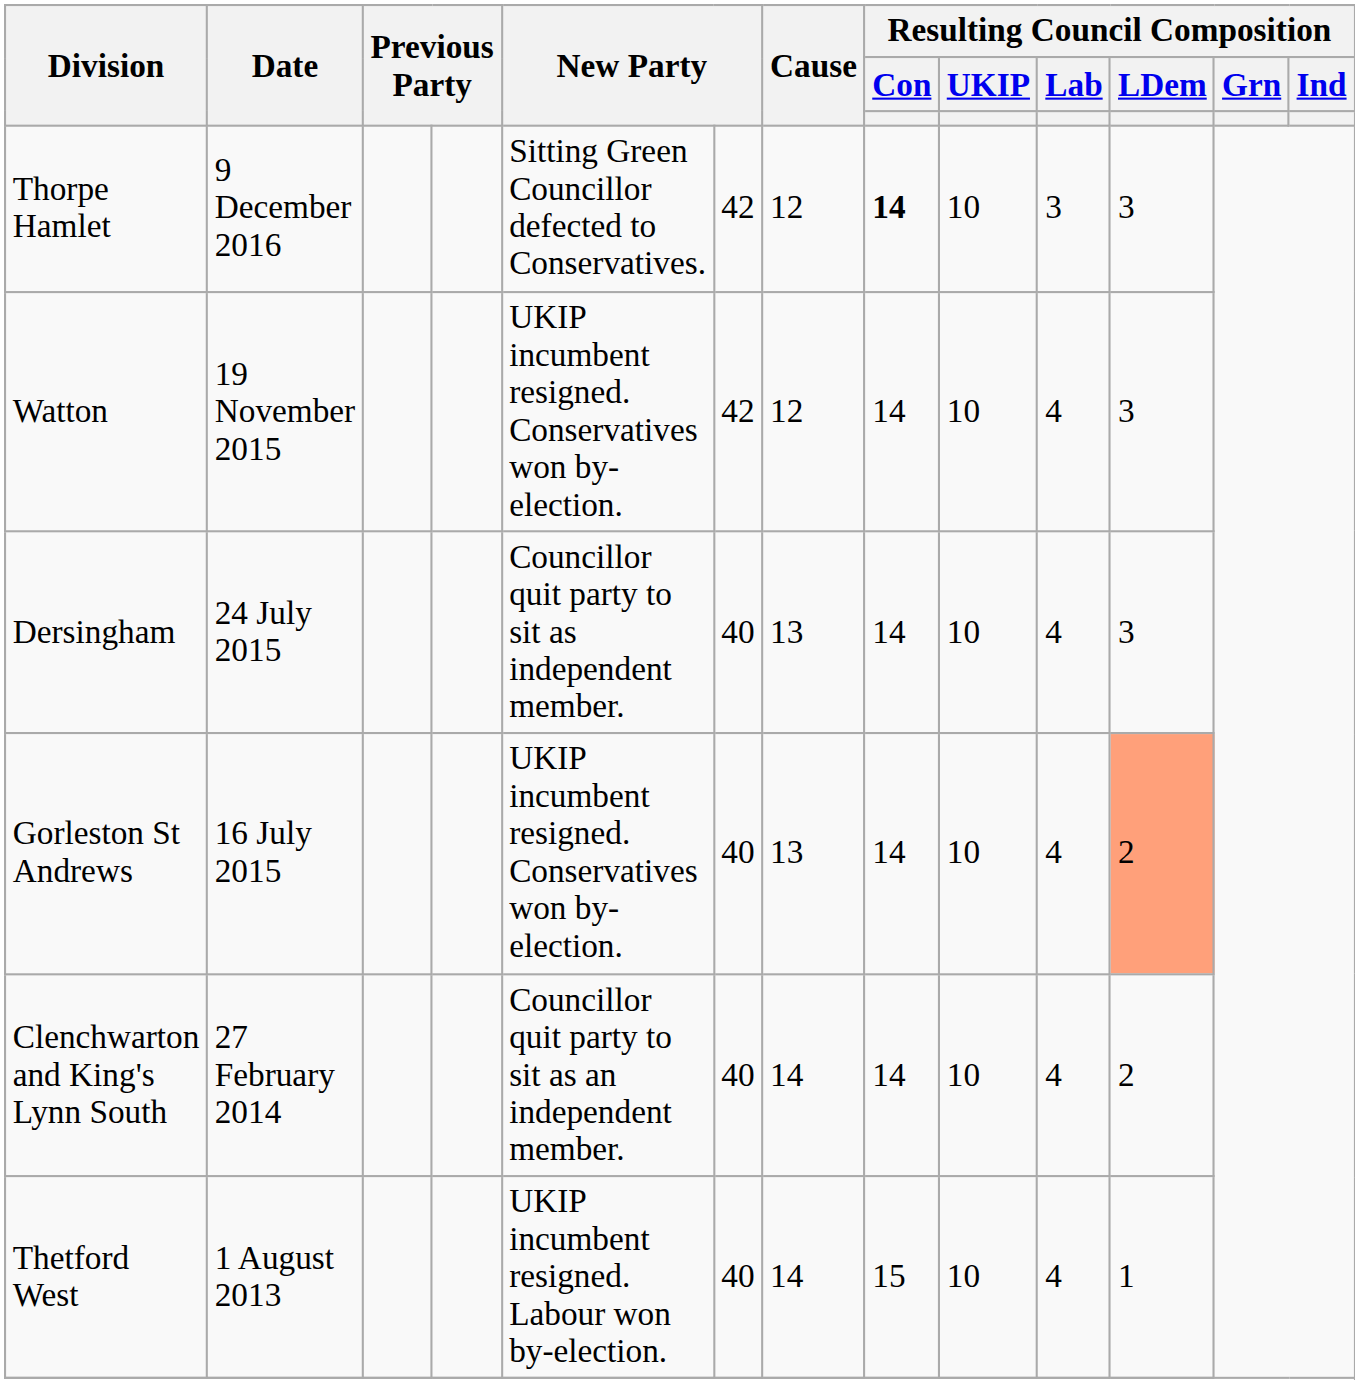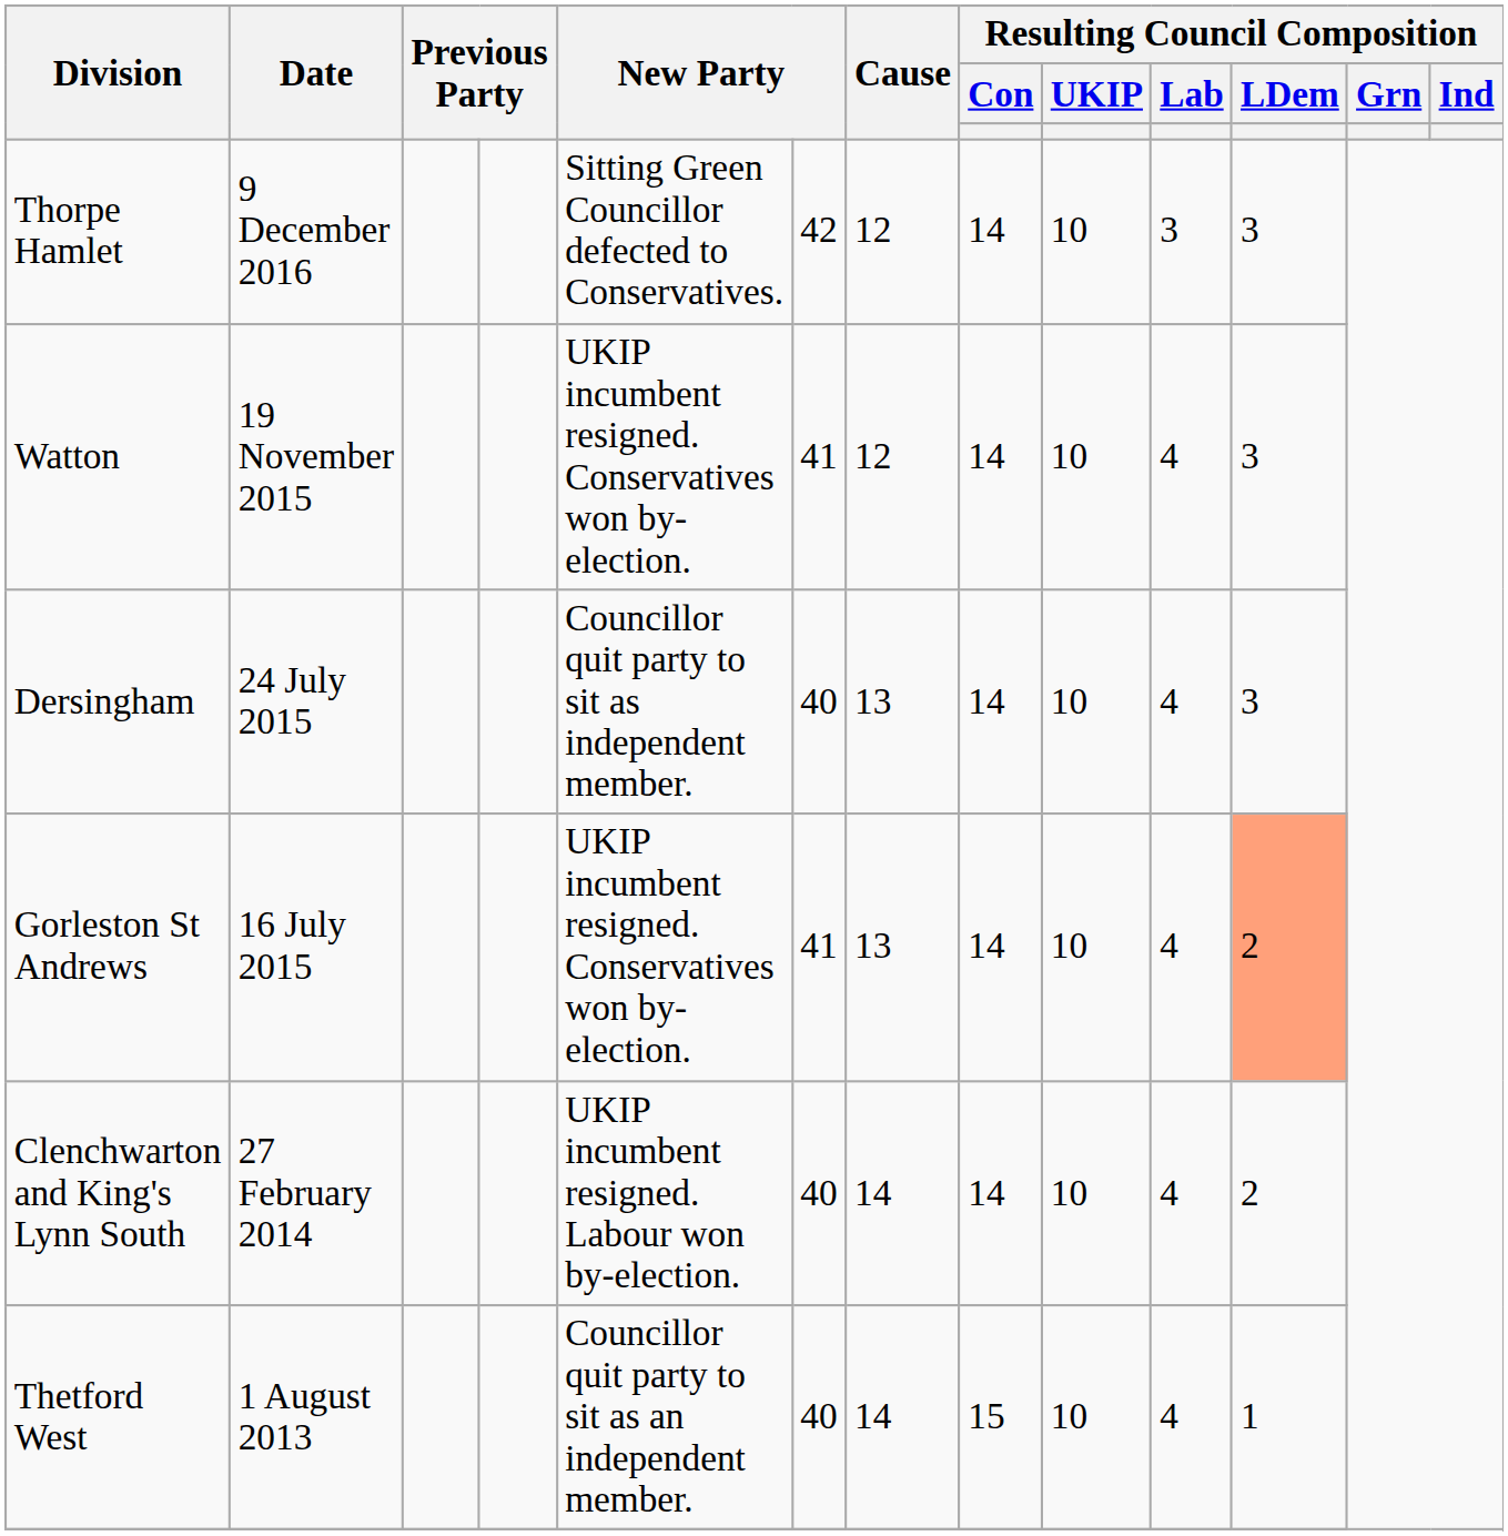 <table class="wikitable">
 <tr>
 <th !  rowspan="3">Division</th>
 <th ! rowspan="3">Date</th>
 <th !  rowspan=3  colspan=2>Previous Party</th>
 <th !  rowspan=3 colspan=2>New Party</th>
 <th ! rowspan="3">Cause</th>
 <th ! colspan="6">Resulting Council Composition</th>
 </tr>
 <tr>
 <th style="width:30px;" class="unsortable"><a href='#'>Con</a></th>
 <th style="width:30px;" class="unsortable"><a href='#'>UKIP</a></th>
 <th style="width:30px;" class="unsortable"><a href='#'>Lab</a></th>
 <th style="width:30px;" class="unsortable"><a href='#'>LDem</a></th>
 <th style="width:30px;" class="unsortable"><a href='#'>Grn</a></th>
 <th style="width:30px;" class="unsortable"><a href='#'>Ind</a></th>
 </tr>
 <tr>
 <th class="unsortable" style="color:inherit;background:"></th>
 <th class="unsortable" style="color:inherit;background:"></th>
 <th class="unsortable" style="color:inherit;background:"></th>
 <th class="unsortable" style="color:inherit;background:"></th>
 <th class="unsortable" style="color:inherit;background:"></th>
 <th class="unsortable" style="color:inherit;background:"></th>
 </tr>
 <tr>
 <td>Thorpe Hamlet</td>
 <td>9 December 2016</td>
 <td></td>
 <td></td>
 <td>Sitting Green Councillor defected to Conservatives.</td>
 <td>42</td>
 <td>12</td>
-<td><strong>14</strong></td>
+<td>14</td>
 <td>10</td>
 <td>3</td>
 <td>3</td>
 </tr>
 <tr>
 <td>Watton</td>
 <td>19 November 2015</td>
 <td></td>
 <td></td>
 <td>UKIP incumbent resigned. Conservatives won by-election.</td>
-<td>42</td>
+<td>41</td>
 <td>12</td>
 <td>14</td>
 <td>10</td>
 <td>4</td>
 <td>3</td>
 </tr>
 <tr>
 <td>Dersingham</td>
 <td>24 July 2015</td>
 <td></td>
 <td></td>
 <td>Councillor quit party to sit as independent member.</td>
 <td>40</td>
 <td>13</td>
 <td>14</td>
 <td>10</td>
 <td>4</td>
 <td>3</td>
 </tr>
 <tr>
 <td>Gorleston St Andrews</td>
 <td>16 July 2015</td>
 <td></td>
 <td></td>
 <td>UKIP incumbent resigned. Conservatives won by-election.</td>
-<td>40</td>
+<td>41</td>
 <td>13</td>
 <td>14</td>
 <td>10</td>
 <td>4</td>
 <td style="background: lightsalmon;">2</td>
 </tr>
 <tr>
 <td>Clenchwarton and King's Lynn South</td>
 <td>27 February 2014</td>
 <td></td>
 <td></td>
-<td>Councillor quit party to sit as an independent member.</td>
+<td>UKIP incumbent resigned. Labour won by-election.</td>
 <td>40</td>
 <td>14</td>
 <td>14</td>
 <td>10</td>
 <td>4</td>
 <td>2</td>
 </tr>
 <tr>
 <td>Thetford West</td>
 <td>1 August 2013</td>
 <td></td>
 <td></td>
-<td>UKIP incumbent resigned. Labour won by-election.</td>
+<td>Councillor quit party to sit as an independent member.</td>
 <td>40</td>
 <td>14</td>
 <td>15</td>
 <td>10</td>
 <td>4</td>
 <td>1</td>
 </tr>
 <tr>
 </tr>
 </table>
